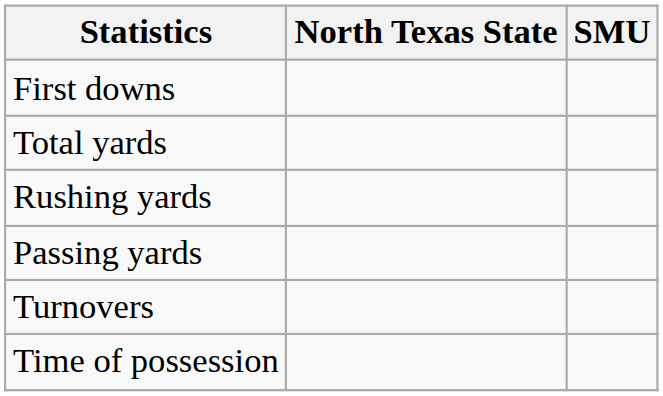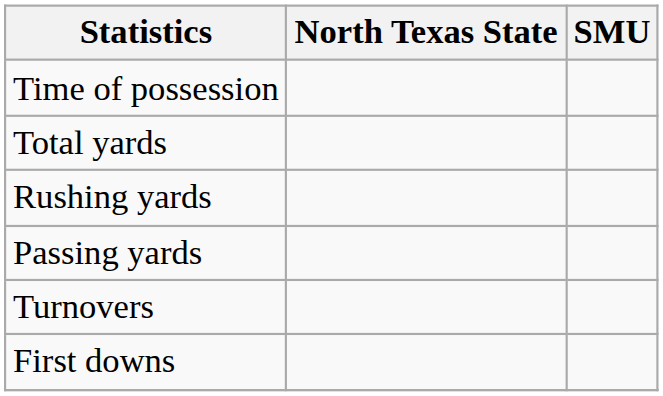 <table class="wikitable" style="float: left;">
 <tr>
 <th>Statistics</th>
 <th>North Texas State</th>
 <th>SMU</th>
 </tr>
 <tr>
-<td>First downs</td>
+<td>Time of possession</td>
 <td></td>
 <td></td>
 </tr>
 <tr>
 <td>Total yards</td>
 <td></td>
 <td></td>
 </tr>
 <tr>
 <td>Rushing yards</td>
 <td></td>
 <td></td>
 </tr>
 <tr>
 <td>Passing yards</td>
 <td></td>
 <td></td>
 </tr>
 <tr>
 <td>Turnovers</td>
 <td></td>
 <td></td>
 </tr>
 <tr>
-<td>Time of possession</td>
+<td>First downs</td>
 <td></td>
 <td></td>
 </tr>
 <tr>
 </tr>
 </table>
